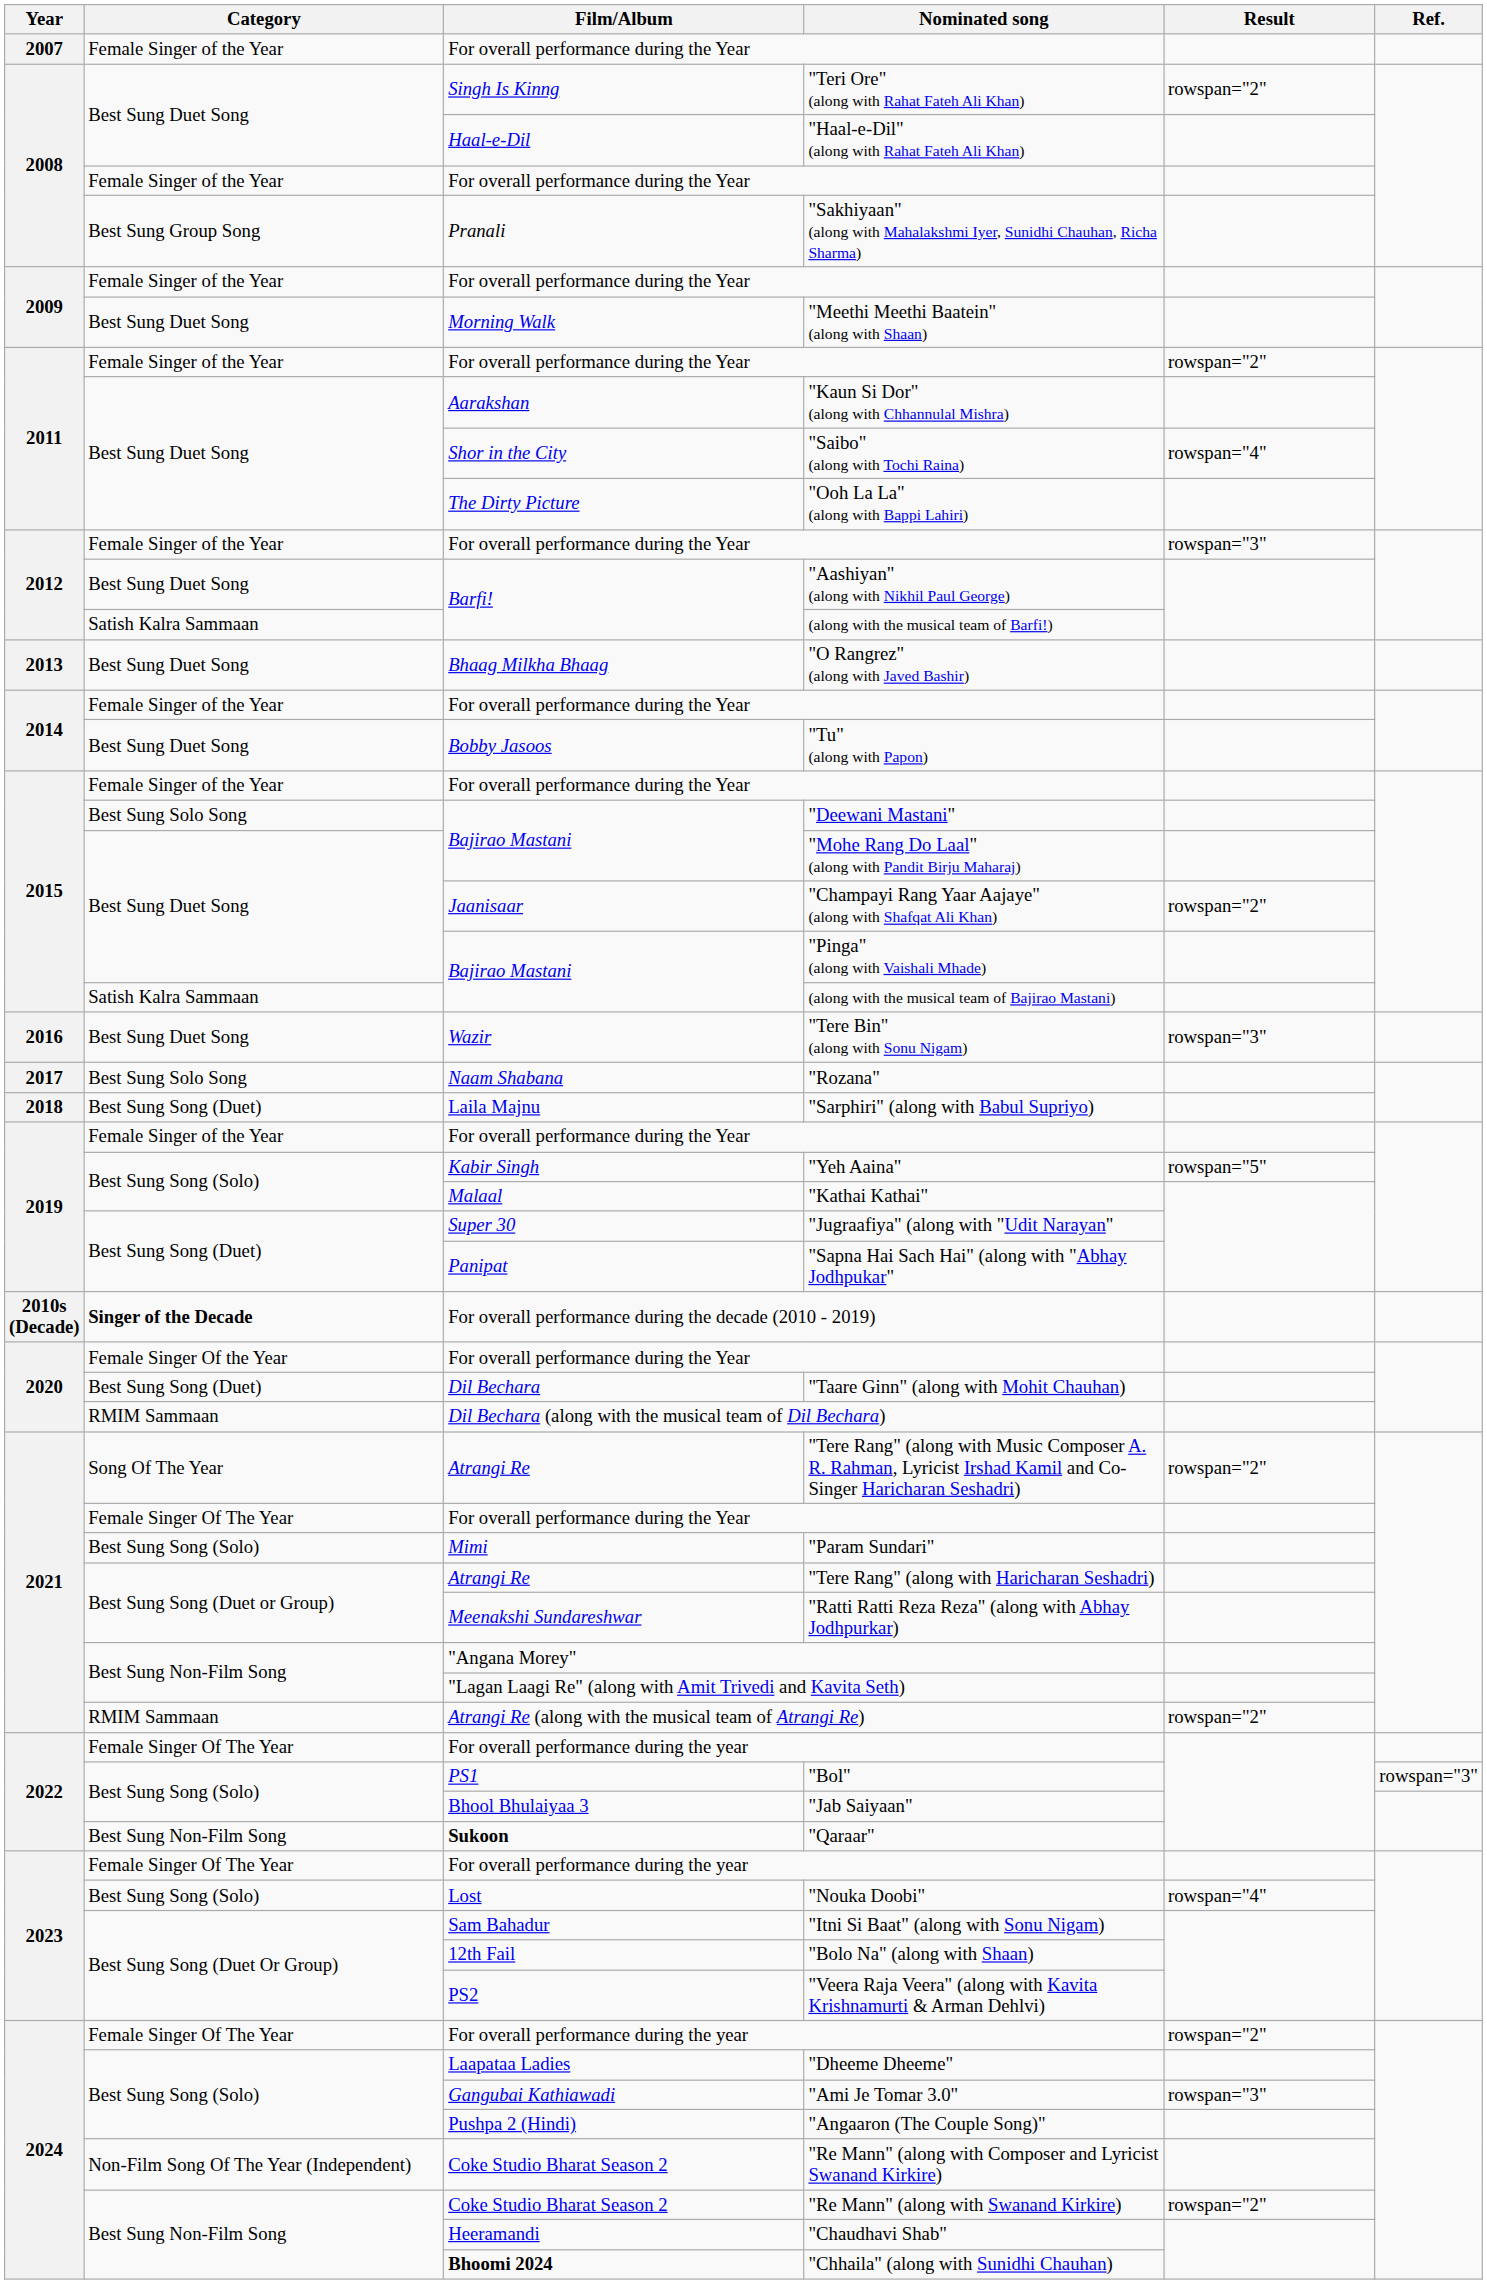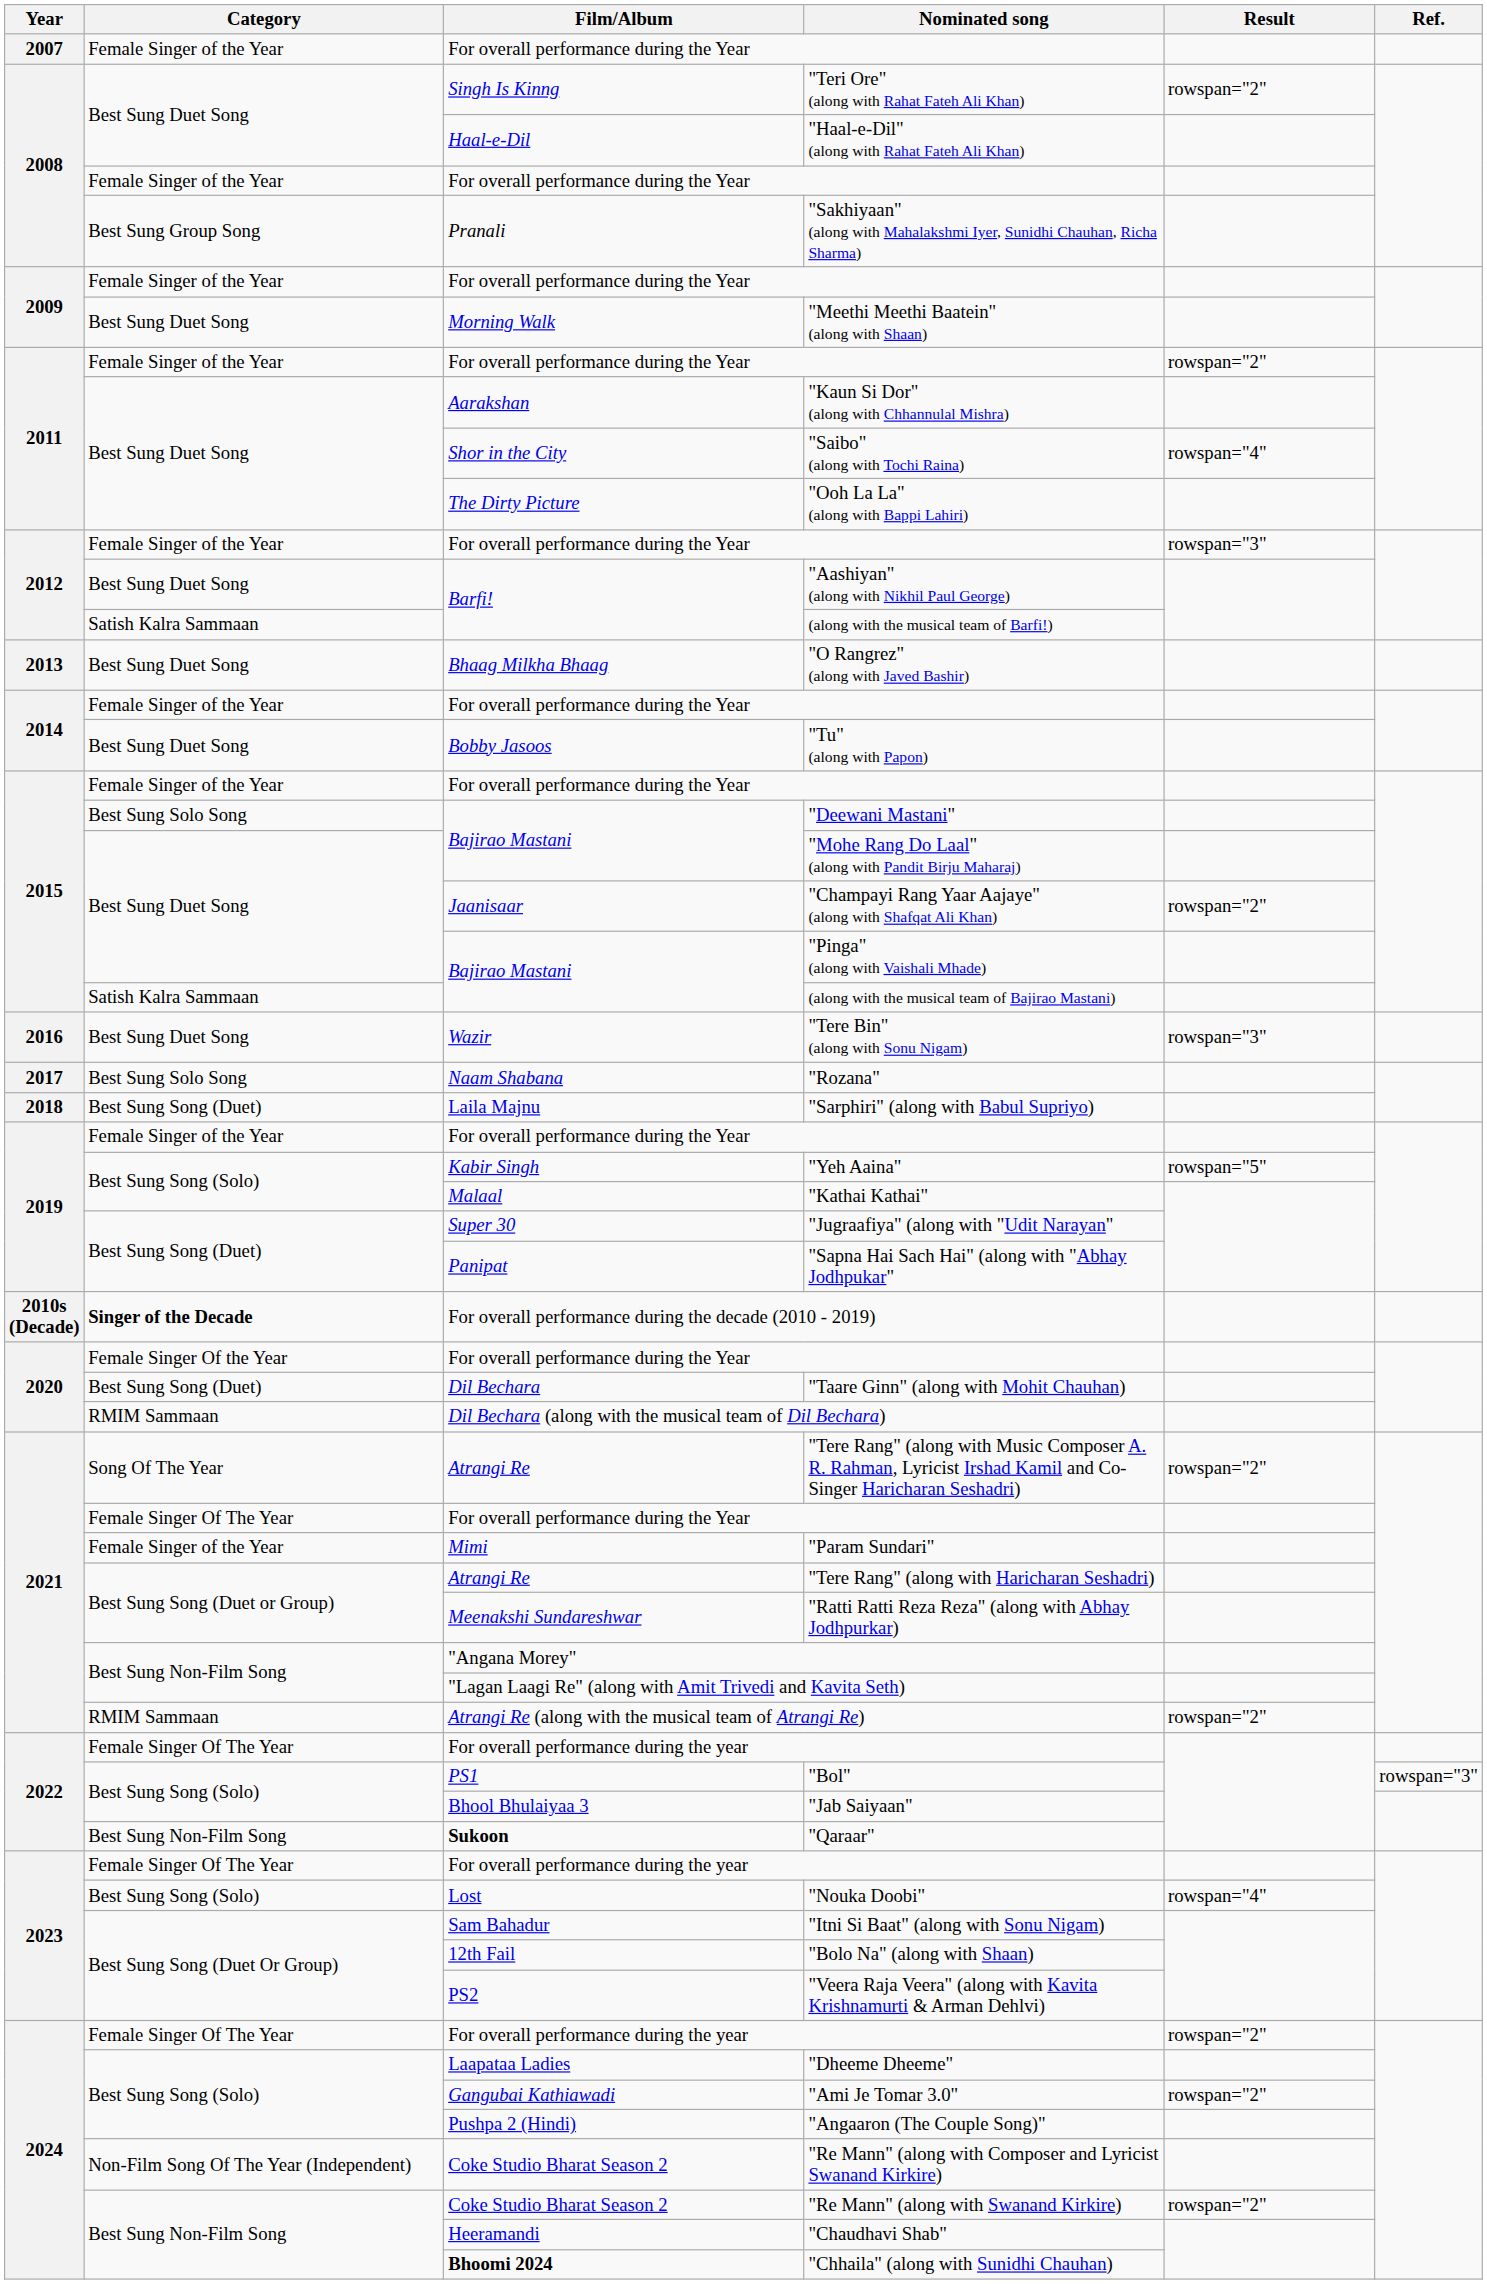 <table class="wikitable plainrowheaders" width="100%" textcolor:#000;">
 <tr>
 <th scope="col" width=5%><strong>Year</strong></th>
 <th scope="col" width=26%><strong>Category</strong></th>
 <th scope="col" width=26%><strong>Film/Album</strong></th>
 <th scope="col" width=26%><strong>Nominated song</strong></th>
 <th scope="col" width=15%><strong>Result</strong></th>
 <th scope="col" width=2%><strong>Ref.</strong></th>
 </tr>
 <tr>
 <th scope="row"><strong>2007</strong></th>
 <td>Female Singer of the Year</td>
 <td colspan="2">For overall performance during the Year</td>
 <td></td>
 <td></td>
 </tr>
 <tr>
 <th scope="row" rowspan="4"><strong>2008</strong></th>
 <td rowspan="2">Best Sung Duet Song</td>
 <td><em><a href='#'>Singh Is Kinng</a></em></td>
 <td>"Teri Ore"<br><small>(along with <a href='#'>Rahat Fateh Ali Khan</a>)</small></td>
 <td>rowspan="2" </td>
 <td rowspan="4"></td>
 </tr>
 <tr>
 <td><em><a href='#'>Haal-e-Dil</a></em></td>
 <td>"Haal-e-Dil"<br><small>(along with <a href='#'>Rahat Fateh Ali Khan</a>)</small></td>
 </tr>
 <tr>
 <td>Female Singer of the Year</td>
 <td colspan="2">For overall performance during the Year</td>
 <td></td>
 </tr>
 <tr>
 <td>Best Sung Group Song</td>
 <td><em>Pranali</em></td>
 <td>"Sakhiyaan"<br><small>(along with <a href='#'>Mahalakshmi Iyer</a>, <a href='#'>Sunidhi Chauhan</a>, <a href='#'>Richa Sharma</a>)</small></td>
 <td></td>
 </tr>
 <tr>
 <th scope="row" rowspan="2"><strong>2009</strong></th>
 <td>Female Singer of the Year</td>
 <td colspan="2">For overall performance during the Year</td>
 <td></td>
 <td rowspan="2"></td>
 </tr>
 <tr>
 <td>Best Sung Duet Song</td>
 <td><em><a href='#'>Morning Walk</a></em></td>
 <td>"Meethi Meethi Baatein"<br><small>(along with <a href='#'>Shaan</a>)</small></td>
 <td></td>
 </tr>
 <tr>
 <th scope="row" rowspan="4"><strong>2011</strong></th>
 <td>Female Singer of the Year</td>
 <td colspan="2">For overall performance during the Year</td>
 <td>rowspan="2" </td>
 <td rowspan="4"></td>
 </tr>
 <tr>
 <td rowspan="3">Best Sung Duet Song</td>
 <td><em><a href='#'>Aarakshan</a></em></td>
 <td>"Kaun Si Dor"<br><small>(along with <a href='#'>Chhannulal Mishra</a>)</small></td>
 </tr>
 <tr>
 <td><em><a href='#'>Shor in the City</a></em></td>
 <td>"Saibo"<br><small>(along with <a href='#'>Tochi Raina</a>)</small></td>
 <td>rowspan="4" </td>
 </tr>
 <tr>
 <td><em><a href='#'>The Dirty Picture</a></em></td>
 <td>"Ooh La La"<br><small>(along with <a href='#'>Bappi Lahiri</a>)</small></td>
 </tr>
 <tr>
 <th scope="row" rowspan="3"><strong>2012</strong></th>
 <td>Female Singer of the Year</td>
 <td colspan="2">For overall performance during the Year</td>
 <td>rowspan="3" </td>
 <td rowspan="3"></td>
 </tr>
 <tr>
 <td>Best Sung Duet Song</td>
 <td rowspan="2"><em><a href='#'>Barfi!</a></em></td>
 <td>"Aashiyan"<br><small>(along with <a href='#'>Nikhil Paul George</a>)</small></td>
 </tr>
 <tr>
 <td>Satish Kalra Sammaan</td>
 <td><small>(along with the musical team of <a href='#'>Barfi!</a>)</small></td>
 </tr>
 <tr>
 <th scope="row"><strong>2013</strong></th>
 <td>Best Sung Duet Song</td>
 <td><em><a href='#'>Bhaag Milkha Bhaag</a></em></td>
 <td>"O Rangrez"<br><small>(along with <a href='#'>Javed Bashir</a>)</small></td>
 <td></td>
 <td></td>
 </tr>
 <tr>
 <th scope="row" rowspan="2"><strong>2014</strong></th>
 <td>Female Singer of the Year</td>
 <td colspan="2">For overall performance during the Year</td>
 <td></td>
 <td rowspan="2"></td>
 </tr>
 <tr>
 <td>Best Sung Duet Song</td>
 <td><em><a href='#'>Bobby Jasoos</a></em></td>
 <td>"Tu"<br><small>(along with <a href='#'>Papon</a>)</small></td>
 <td></td>
 </tr>
 <tr>
 <th scope="row" rowspan="6"><strong>2015</strong></th>
 <td>Female Singer of the Year</td>
 <td colspan="2">For overall performance during the Year</td>
 <td></td>
 <td rowspan="6"></td>
 </tr>
 <tr>
 <td>Best Sung Solo Song</td>
 <td rowspan="2"><em><a href='#'>Bajirao Mastani</a></em></td>
 <td>"<a href='#'>Deewani Mastani</a>"</td>
 <td></td>
 </tr>
 <tr>
 <td rowspan="3">Best Sung Duet Song</td>
 <td>"<a href='#'>Mohe Rang Do Laal</a>"<br><small>(along with <a href='#'>Pandit Birju Maharaj</a>)</small></td>
 <td></td>
 </tr>
 <tr>
 <td><em><a href='#'>Jaanisaar</a></em></td>
 <td>"Champayi Rang Yaar Aajaye"<br><small>(along with <a href='#'>Shafqat Ali Khan</a>)</small></td>
 <td>rowspan="2" </td>
 </tr>
 <tr>
 <td rowspan="2"><em><a href='#'>Bajirao Mastani</a></em></td>
 <td>"Pinga"<br><small>(along with <a href='#'>Vaishali Mhade</a>)</small></td>
 </tr>
 <tr>
 <td>Satish Kalra Sammaan</td>
 <td><small>(along with the musical team of <a href='#'>Bajirao Mastani</a>)</small></td>
 <td></td>
 </tr>
 <tr>
 <th scope="row"><strong>2016</strong></th>
 <td>Best Sung Duet Song</td>
 <td><em><a href='#'>Wazir</a></em></td>
 <td>"Tere Bin"<br><small>(along with <a href='#'>Sonu Nigam</a>)</small></td>
 <td>rowspan="3" </td>
 <td></td>
 </tr>
 <tr>
 <th scope="row"><strong>2017</strong></th>
 <td>Best Sung Solo Song</td>
 <td><em><a href='#'>Naam Shabana</a></em></td>
 <td>"Rozana"</td>
 <td></td>
 </tr>
 <tr>
 <th scope="row"><strong>2018</strong></th>
 <td>Best Sung Song (Duet)</td>
 <td><a href='#'>Laila Majnu</a></td>
 <td>"Sarphiri" (along with <a href='#'>Babul Supriyo</a>)</td>
 <td></td>
 </tr>
 <tr>
 <th scope="row" rowspan="5"><strong>2019</strong></th>
 <td>Female Singer of the Year</td>
 <td colspan="2">For overall performance during the Year</td>
 <td></td>
 <td rowspan="5"></td>
 </tr>
 <tr>
 <td rowspan="2">Best Sung Song (Solo)</td>
 <td><em><a href='#'>Kabir Singh</a></em></td>
 <td>"Yeh Aaina"</td>
 <td>rowspan="5" </td>
 </tr>
 <tr>
 <td><a href='#'><em>Malaal</em></a></td>
 <td>"Kathai Kathai"</td>
 </tr>
 <tr>
 <td rowspan="2">Best Sung Song (Duet)</td>
 <td><a href='#'><em>Super 30</em></a></td>
 <td>"Jugraafiya" (along with "<a href='#'>Udit Narayan</a>"</td>
 </tr>
 <tr>
 <td><a href='#'><em>Panipat</em></a></td>
 <td>"Sapna Hai Sach Hai" (along with "<a href='#'>Abhay Jodhpukar</a>"</td>
 </tr>
 <tr>
 <th scope="row"><strong>2010s (Decade)</strong></th>
 <td><strong>Singer of the Decade</strong></td>
 <td colspan="2">For overall performance during the decade (2010 - 2019)</td>
 <td></td>
 </tr>
 <tr>
 <th scope="row" rowspan="3"><strong>2020</strong></th>
 <td>Female Singer Of the Year</td>
 <td colspan="2">For overall performance during the Year</td>
 <td></td>
 <td rowspan=3></td>
 </tr>
 <tr>
 <td>Best Sung Song (Duet)</td>
 <td><em><a href='#'>Dil Bechara</a></em></td>
 <td>"Taare Ginn" (along with <a href='#'>Mohit Chauhan</a>)</td>
 <td></td>
 </tr>
 <tr>
 <td>RMIM Sammaan</td>
 <td colspan="2"><em><a href='#'>Dil Bechara</a></em> (along with the musical team of <em><a href='#'>Dil Bechara</a></em>)</td>
 <td></td>
 </tr>
 <tr>
 <th scope="row" rowspan="8"><strong>2021</strong></th>
 <td>Song Of The Year</td>
 <td><em><a href='#'>Atrangi Re</a></em></td>
 <td>"Tere Rang" (along with Music Composer <a href='#'>A. R. Rahman</a>, Lyricist <a href='#'>Irshad Kamil</a> and Co-Singer <a href='#'>Haricharan Seshadri</a>)</td>
 <td>rowspan="2"</td>
 <td rowspan="8"></td>
 </tr>
 <tr>
 <td>Female Singer Of The Year</td>
 <td colspan="2">For overall performance during the Year</td>
 </tr>
 <tr>
-<td>Best Sung Song (Solo)</td>
+<td>Female Singer of the Year</td>
 <td><a href='#'><em>Mimi</em></a></td>
 <td>"Param Sundari"</td>
 <td></td>
 </tr>
 <tr>
 <td rowspan="2">Best Sung Song (Duet or Group)</td>
 <td><em><a href='#'>Atrangi Re</a></em></td>
 <td>"Tere Rang" (along with <a href='#'>Haricharan Seshadri</a>)</td>
 <td></td>
 </tr>
 <tr>
 <td><em><a href='#'>Meenakshi Sundareshwar</a></em></td>
 <td>"Ratti Ratti Reza Reza" (along with <a href='#'>Abhay Jodhpurkar</a>)</td>
 <td></td>
 </tr>
 <tr>
 <td rowspan="2">Best Sung Non-Film Song</td>
 <td colspan="2">"Angana Morey"</td>
 <td></td>
 </tr>
 <tr>
 <td colspan="2">"Lagan Laagi Re" (along with <a href='#'>Amit Trivedi</a> and <a href='#'>Kavita Seth</a>)</td>
 <td></td>
 </tr>
 <tr>
 <td>RMIM Sammaan</td>
 <td colspan="2"><em><a href='#'>Atrangi Re</a></em> (along with the musical team of <em><a href='#'>Atrangi Re</a></em>)</td>
 <td>rowspan="2" </td>
 </tr>
 <tr>
 <th scope="row" rowspan="4"><strong>2022</strong></th>
 <td>Female Singer Of The Year</td>
 <td colspan="2">For overall performance during the year</td>
 <td rowspan="4"></td>
 </tr>
 <tr>
 <td rowspan="2">Best Sung Song (Solo)</td>
 <td><a href='#'><em>PS1</em></a></td>
 <td>"Bol"</td>
 <td>rowspan="3" </td>
 </tr>
 <tr>
 <td><a href='#'>Bhool Bhulaiyaa 3</a></td>
 <td>"Jab Saiyaan"</td>
 </tr>
 <tr>
 <td>Best Sung Non-Film Song</td>
 <td><strong>Sukoon</strong></td>
 <td>"Qaraar"</td>
 </tr>
 <tr>
 <th scope="row" rowspan="5"><strong>2023</strong></th>
 <td>Female Singer Of The Year</td>
 <td colspan="2">For overall performance during the year</td>
 <td></td>
 <td rowspan="5"></td>
 </tr>
 <tr>
 <td>Best Sung Song (Solo)</td>
 <td><a href='#'>Lost</a></td>
 <td>"Nouka Doobi"</td>
 <td>rowspan="4" </td>
 </tr>
 <tr>
 <td rowspan="3">Best Sung Song (Duet Or Group)</td>
 <td><a href='#'>Sam Bahadur</a></td>
 <td>"Itni Si Baat" (along with <a href='#'>Sonu Nigam</a>)</td>
 </tr>
 <tr>
 <td><a href='#'>12th Fail</a></td>
 <td>"Bolo Na" (along with <a href='#'>Shaan</a>)</td>
 </tr>
 <tr>
 <td><a href='#'>PS2</a></td>
 <td>"Veera Raja Veera" (along with <a href='#'>Kavita Krishnamurti</a> & Arman Dehlvi)</td>
 </tr>
 <tr>
 <th scope="row" rowspan="8"><strong>2024</strong></th>
 <td>Female Singer Of The Year</td>
 <td colspan="2">For overall performance during the year</td>
 <td>rowspan="2" </td>
 <td rowspan="8"></td>
 </tr>
 <tr>
 <td rowspan="3">Best Sung Song (Solo)</td>
 <td><a href='#'>Laapataa Ladies</a></td>
 <td>"Dheeme Dheeme"</td>
 </tr>
 <tr>
 <td><em><a href='#'>Gangubai Kathiawadi</a></em></td>
 <td>"Ami Je Tomar 3.0"</td>
-<td>rowspan="3" </td>
+<td>rowspan="2" </td>
 </tr>
 <tr>
 <td><a href='#'>Pushpa 2 (Hindi)</a></td>
 <td>"Angaaron (The Couple Song)"</td>
 </tr>
 <tr>
 <td>Non-Film Song Of The Year (Independent)</td>
 <td><a href='#'>Coke Studio Bharat Season 2</a></td>
 <td>"Re Mann" (along with Composer and Lyricist <a href='#'>Swanand Kirkire</a>)</td>
 <td></td>
 </tr>
 <tr>
 <td rowspan="3">Best Sung Non-Film Song</td>
 <td><a href='#'>Coke Studio Bharat Season 2</a></td>
 <td>"Re Mann" (along with <a href='#'>Swanand Kirkire</a>)</td>
 <td>rowspan="2" </td>
 </tr>
 <tr>
 <td><a href='#'>Heeramandi</a></td>
 <td>"Chaudhavi Shab"</td>
 </tr>
 <tr>
 <td><strong>Bhoomi 2024</strong></td>
 <td>"Chhaila" (along with <a href='#'>Sunidhi Chauhan</a>)</td>
 </tr>
 </table>
